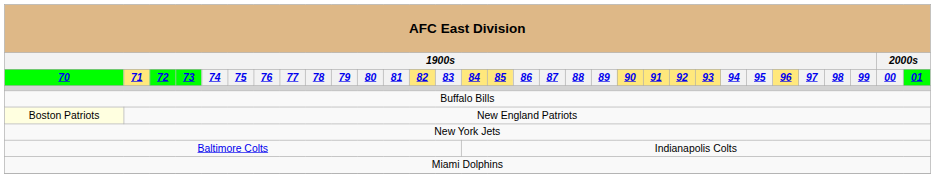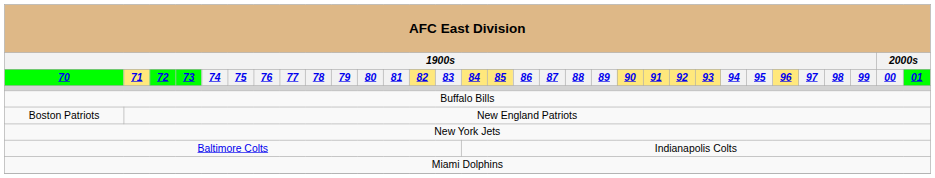 <table class="wikitable" style="text-align:center" width=90%>
 <tr>
 <th colspan="32" style="text-align:center; ; height:65px; font-size:130%; background:#DEB887;">AFC East Division</th>
 </tr>
 <tr>
 <th colspan=30><em>1900s</em></th>
 <th colspan=2><em>2000s</em></th>
 </tr>
 <tr>
 <th style="background:#00ff00;"><em><a href='#'>70</a></em></th>
 <th style="background:#ffe87c;"><em><a href='#'>71</a></em></th>
 <th style="background:#00ff00;"><em><a href='#'>72</a></em></th>
 <th style="background:#00ff00;"><em><a href='#'>73</a></em></th>
 <th><em><a href='#'>74</a></em></th>
 <th><em><a href='#'>75</a></em></th>
 <th><em><a href='#'>76</a></em></th>
 <th><em><a href='#'>77</a></em></th>
 <th><em><a href='#'>78</a></em></th>
 <th><em><a href='#'>79</a></em></th>
 <th><em><a href='#'>80</a></em></th>
 <th><em><a href='#'>81</a></em></th>
 <th style="background:#ffe87c;"><em><a href='#'>82</a></em></th>
 <th><em><a href='#'>83</a></em></th>
 <th style="background:#ffe87c;"><em><a href='#'>84</a></em></th>
 <th style="background:#ffe87c;"><em><a href='#'>85</a></em></th>
 <th><em><a href='#'>86</a></em></th>
 <th><em><a href='#'>87</a></em></th>
 <th><em><a href='#'>88</a></em></th>
 <th><em><a href='#'>89</a></em></th>
 <th style="background:#ffe87c;"><em><a href='#'>90</a></em></th>
 <th style="background:#ffe87c;"><em><a href='#'>91</a></em></th>
 <th style="background:#ffe87c;"><em><a href='#'>92</a></em></th>
 <th style="background:#ffe87c;"><em><a href='#'>93</a></em></th>
 <th><em><a href='#'>94</a></em></th>
 <th><em><a href='#'>95</a></em></th>
 <th style="background:#ffe87c;"><em><a href='#'>96</a></em></th>
 <th><em><a href='#'>97</a></em></th>
 <th><em><a href='#'>98</a></em></th>
 <th><em><a href='#'>99</a></em></th>
 <th><em><a href='#'>00</a></em></th>
 <th style="background:#00ff00;"><em><a href='#'>01</a></em></th>
 </tr>
 <tr>
 <td colspan="32" style="background:lightgrey; height:.5px;"></td>
 </tr>
 <tr>
 <td colspan="32">Buffalo Bills</td>
 </tr>
 <tr>
-<td style="background: lightyellow;">Boston Patriots</td>
+<td>Boston Patriots</td>
 <td colspan="31">New England Patriots </td>
 </tr>
 <tr>
 <td colspan="32">New York Jets</td>
 </tr>
 <tr>
 <td colspan="14"><a href='#'>Baltimore Colts</a> </td>
 <td colspan="18">Indianapolis Colts </td>
 </tr>
 <tr>
 <td colspan="32">Miami Dolphins</td>
 </tr>
 <tr>
 </tr>
 </table>
